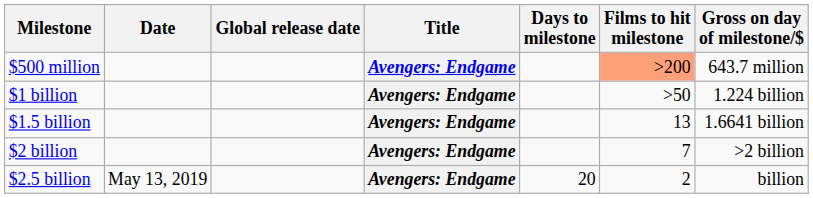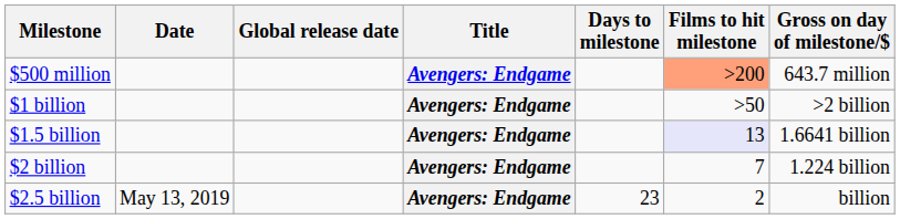 <table class="wikitable">
 <tr>
 <th scope="col">Milestone</th>
 <th scope="col">Date</th>
 <th>Global release date</th>
 <th scope="col">Title</th>
 <th scope="col">Days to<br> milestone</th>
 <th>Films to hit<br> milestone</th>
 <th scope="col">Gross on day<br> of milestone/$</th>
 </tr>
 <tr>
 <td><a href='#'>$500 million</a></td>
 <td></td>
 <td></td>
 <th scope="row"><em><a href='#'>Avengers: Endgame</a></em></th>
 <td style="text-align:right;"></td>
 <td style="background: lightsalmon; text-align:right;">>200</td>
 <td style="text-align:right;">643.7 million</td>
 </tr>
 <tr>
 <td><a href='#'>$1 billion</a></td>
 <td></td>
 <td></td>
 <th scope="row"><em>Avengers: Endgame</em></th>
 <td style="text-align:right;"></td>
 <td style="text-align:right;">>50</td>
-<td style="text-align:right;">1.224 billion</td>
+<td style="text-align:right;">>2 billion</td>
 </tr>
 <tr>
 <td><a href='#'>$1.5 billion</a></td>
 <td></td>
 <td></td>
 <th scope="row"><em>Avengers: Endgame</em></th>
 <td style="text-align:right;"></td>
-<td style="text-align:right;">13</td>
+<td style="background: lavender; text-align:right;">13</td>
 <td style="text-align:right;">1.6641 billion</td>
 </tr>
 <tr>
 <td><a href='#'>$2 billion</a></td>
 <td></td>
 <td></td>
 <th scope="row"><em>Avengers: Endgame</em></th>
 <td style="text-align:right;"></td>
 <td style="text-align:right;">7</td>
-<td style="text-align:right;">>2 billion</td>
+<td style="text-align:right;">1.224 billion</td>
 </tr>
 <tr>
 <td><a href='#'>$2.5 billion</a></td>
 <td>May 13, 2019</td>
 <td></td>
 <th scope="row"><em>Avengers: Endgame</em></th>
-<td style="text-align:right;">20</td>
+<td style="text-align:right;">23</td>
 <td style="text-align:right;">2</td>
 <td style="text-align:right;"> billion</td>
 </tr>
 </table>
